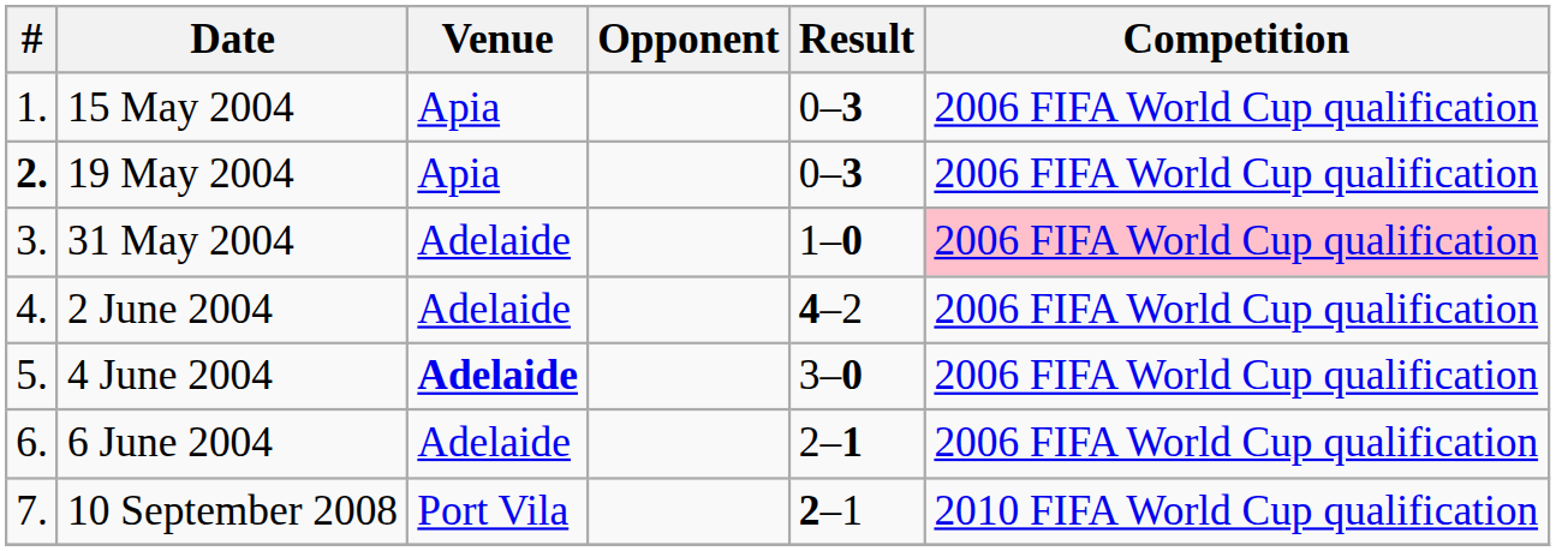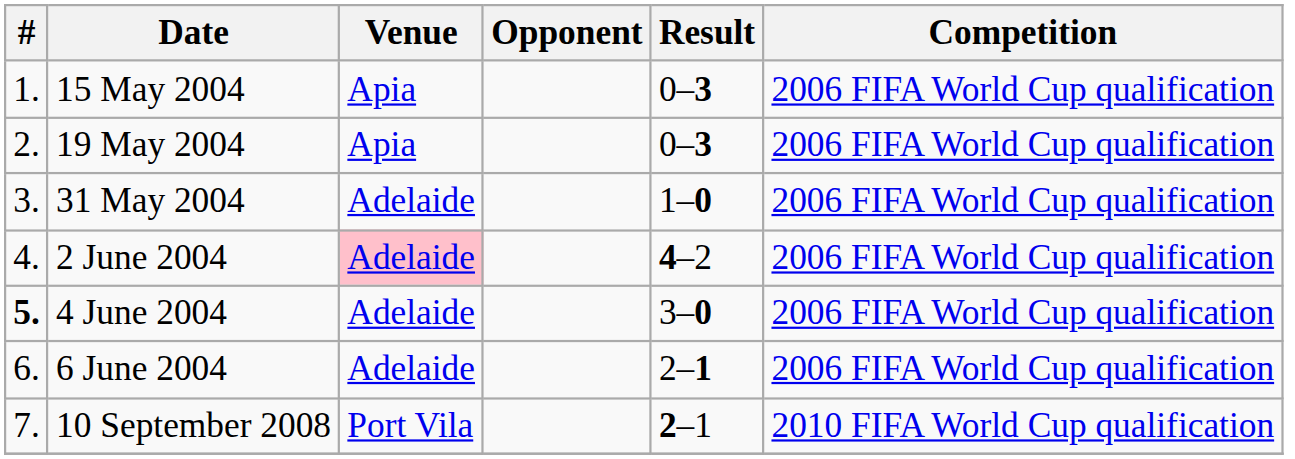 <table class="wikitable">
 <tr>
 <th>#</th>
 <th>Date</th>
 <th>Venue</th>
 <th>Opponent</th>
 <th>Result</th>
 <th>Competition</th>
 </tr>
 <tr>
 <td>1.</td>
 <td>15 May 2004</td>
 <td><a href='#'>Apia</a></td>
 <td></td>
 <td>0–<strong>3</strong></td>
 <td><a href='#'>2006 FIFA World Cup qualification</a></td>
 </tr>
 <tr>
-<td><strong>2.</strong></td>
+<td>2.</td>
 <td>19 May 2004</td>
 <td><a href='#'>Apia</a></td>
 <td></td>
 <td>0–<strong>3</strong></td>
 <td><a href='#'>2006 FIFA World Cup qualification</a></td>
 </tr>
 <tr>
 <td>3.</td>
 <td>31 May 2004</td>
 <td><a href='#'>Adelaide</a></td>
 <td></td>
 <td>1–<strong>0</strong></td>
-<td style="background: pink;"><a href='#'>2006 FIFA World Cup qualification</a></td>
+<td><a href='#'>2006 FIFA World Cup qualification</a></td>
 </tr>
 <tr>
 <td>4.</td>
 <td>2 June 2004</td>
-<td><a href='#'>Adelaide</a></td>
+<td style="background: pink;"><a href='#'>Adelaide</a></td>
 <td></td>
 <td><strong>4</strong>–2</td>
 <td><a href='#'>2006 FIFA World Cup qualification</a></td>
 </tr>
 <tr>
-<td>5.</td>
+<td><strong>5.</strong></td>
 <td>4 June 2004</td>
-<td><strong><a href='#'>Adelaide</a></strong></td>
+<td><a href='#'>Adelaide</a></td>
 <td></td>
 <td>3–<strong>0</strong></td>
 <td><a href='#'>2006 FIFA World Cup qualification</a></td>
 </tr>
 <tr>
 <td>6.</td>
 <td>6 June 2004</td>
 <td><a href='#'>Adelaide</a></td>
 <td></td>
 <td>2–<strong>1</strong></td>
 <td><a href='#'>2006 FIFA World Cup qualification</a></td>
 </tr>
 <tr>
 <td>7.</td>
 <td>10 September 2008</td>
 <td><a href='#'>Port Vila</a></td>
 <td></td>
 <td><strong>2</strong>–1</td>
 <td><a href='#'>2010 FIFA World Cup qualification</a></td>
 </tr>
 <tr>
 </tr>
 </table>
